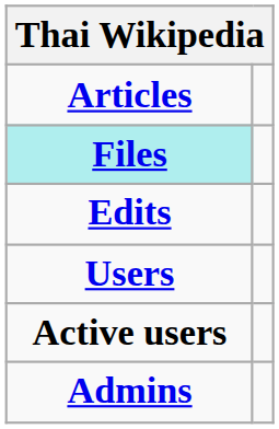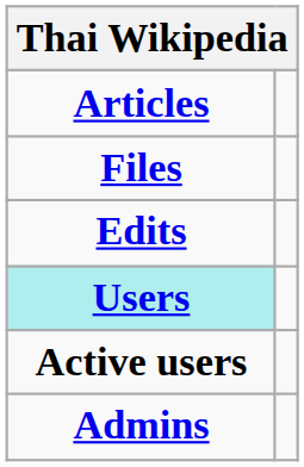 <table class="wikitable sortable" align=right style="text-align: center;">
 <tr>
 <th colspan=4>Thai Wikipedia </th>
 </tr>
 <tr>
 <td><strong><a href='#'>Articles</a></strong></td>
 <td></td>
 </tr>
 <tr>
-<td style="background: paleturquoise;"><strong><a href='#'>Files</a></strong></td>
+<td><strong><a href='#'>Files</a></strong></td>
 <td></td>
 </tr>
 <tr>
 <td><strong><a href='#'>Edits</a></strong></td>
 <td></td>
 </tr>
 <tr>
-<td><strong><a href='#'>Users</a></strong></td>
+<td style="background: paleturquoise;"><strong><a href='#'>Users</a></strong></td>
 <td></td>
 </tr>
 <tr>
 <td><strong>Active users</strong></td>
 <td></td>
 </tr>
 <tr>
 <td><strong><a href='#'>Admins</a></strong></td>
 <td></td>
 </tr>
 </table>
